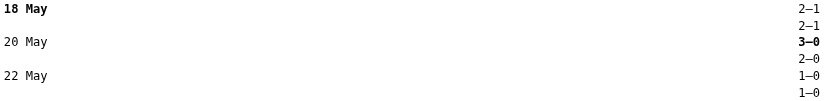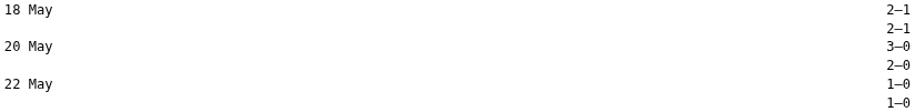 <table cellspacing=1 width=70%>
 <tr>
 <th width=25%></th>
 <th width=30%></th>
 <th width=15%></th>
 <th width=30%></th>
 </tr>
 <tr>
-<td><strong>18 May</strong></td>
+<td>18 May</td>
 <td align=right></td>
 <td align=center>2–1</td>
 <td></td>
 </tr>
 <tr>
 <td></td>
 <td align=right></td>
 <td align=center>2–1</td>
 <td></td>
 </tr>
 <tr>
 <td>20 May</td>
 <td align=right></td>
-<td align=center><strong>3–0</strong></td>
+<td align=center>3–0</td>
 <td></td>
 </tr>
 <tr>
 <td></td>
 <td align=right></td>
 <td align=center>2–0</td>
 <td></td>
 </tr>
 <tr>
 <td>22 May</td>
 <td align=right></td>
 <td align=center>1–0</td>
 <td></td>
 </tr>
 <tr>
 <td></td>
 <td align=right></td>
 <td align=center>1–0</td>
 <td></td>
 </tr>
 </table>
